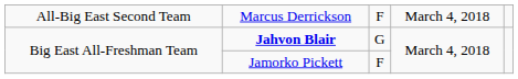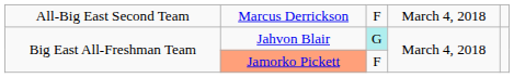 <table class="wikitable" style="width: 90%;text-align: center;">
 <tr align="center">
 <td rowspan="1">All-Big East Second Team</td>
 <td><a href='#'>Marcus Derrickson</a></td>
 <td>F</td>
 <td>March 4, 2018</td>
 <td></td>
 </tr>
 <tr align="center">
 <td rowspan="2">Big East All-Freshman Team</td>
-<td><strong><a href='#'>Jahvon Blair</a></strong></td>
-<td>G</td>
+<td><a href='#'>Jahvon Blair</a></td>
+<td style="background: paleturquoise;">G</td>
 <td rowspan="2">March 4, 2018</td>
 <td rowspan="2"></td>
 </tr>
 <tr align="center">
-<td><a href='#'>Jamorko Pickett</a></td>
+<td style="background: lightsalmon;"><a href='#'>Jamorko Pickett</a></td>
 <td>F</td>
 </tr>
 </table>
